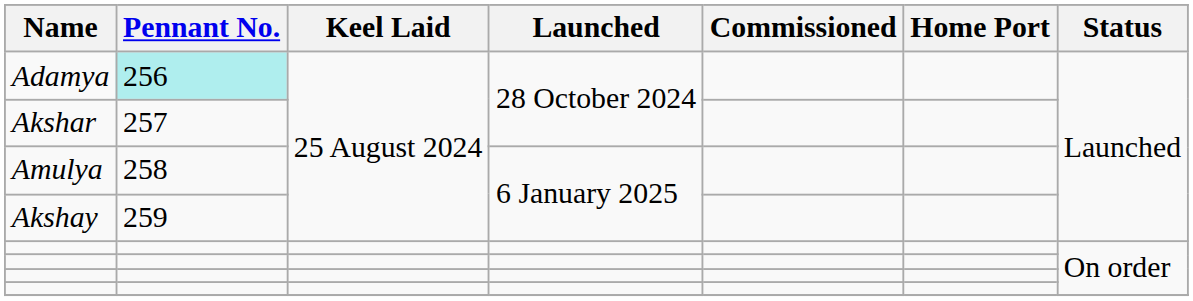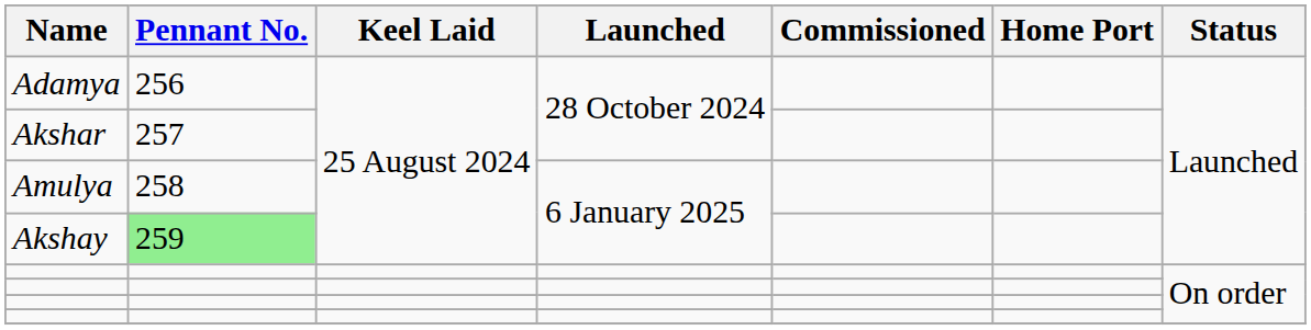 <table class="wikitable">
 <tr>
 <th>Name</th>
 <th><a href='#'>Pennant No.</a></th>
 <th>Keel Laid</th>
 <th>Launched</th>
 <th>Commissioned</th>
 <th>Home Port</th>
 <th>Status</th>
 </tr>
 <tr>
 <td><em>Adamya</em></td>
-<td style="background: paleturquoise;">256</td>
+<td>256</td>
 <td rowspan="4">25 August 2024</td>
 <td rowspan="2">28 October 2024</td>
 <td></td>
 <td></td>
 <td rowspan="4">Launched</td>
 </tr>
 <tr>
 <td><em>Akshar</em></td>
 <td>257</td>
 <td></td>
 <td></td>
 </tr>
 <tr>
 <td><em>Amulya</em></td>
 <td>258</td>
 <td rowspan="2">6 January 2025</td>
 <td></td>
 <td></td>
 </tr>
 <tr>
 <td><em>Akshay</em></td>
-<td>259</td>
+<td style="background: lightgreen;">259</td>
 <td></td>
 <td></td>
 </tr>
 <tr>
 <td></td>
 <td></td>
 <td></td>
 <td></td>
 <td></td>
 <td></td>
 <td rowspan="4">On order</td>
 </tr>
 <tr>
 <td></td>
 <td></td>
 <td></td>
 <td></td>
 <td></td>
 <td></td>
 </tr>
 <tr>
 <td></td>
 <td></td>
 <td></td>
 <td></td>
 <td></td>
 <td></td>
 </tr>
 <tr>
 <td></td>
 <td></td>
 <td></td>
 <td></td>
 <td></td>
 <td></td>
 </tr>
 <tr>
 </tr>
 </table>
